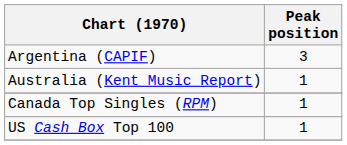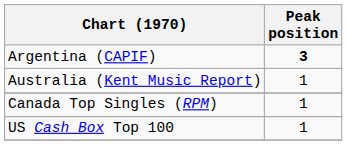 <table class="wikitable sortable">
 <tr>
 <th>Chart (1970)</th>
 <th>Peak<br>position</th>
 </tr>
 <tr>
 <td>Argentina (<a href='#'>CAPIF</a>)</td>
-<td style="text-align:center;">3</td>
+<td style="text-align:center;"><strong>3</strong></td>
 </tr>
 <tr>
 <td>Australia (<a href='#'>Kent Music Report</a>)</td>
 <td style="text-align:center;">1</td>
 </tr>
 <tr>
 </tr>
 <tr>
 </tr>
 <tr>
 <td>Canada Top Singles (<em><a href='#'>RPM</a></em>)</td>
 <td style="text-align:center;">1</td>
 </tr>
 <tr>
 </tr>
 <tr>
 </tr>
 <tr>
 </tr>
 <tr>
 </tr>
 <tr>
 </tr>
 <tr>
 </tr>
 <tr>
 </tr>
 <tr>
 <td>US <a href='#'><em>Cash Box</em></a> Top 100</td>
 <td align="center">1</td>
 </tr>
 <tr>
 </tr>
 </table>
